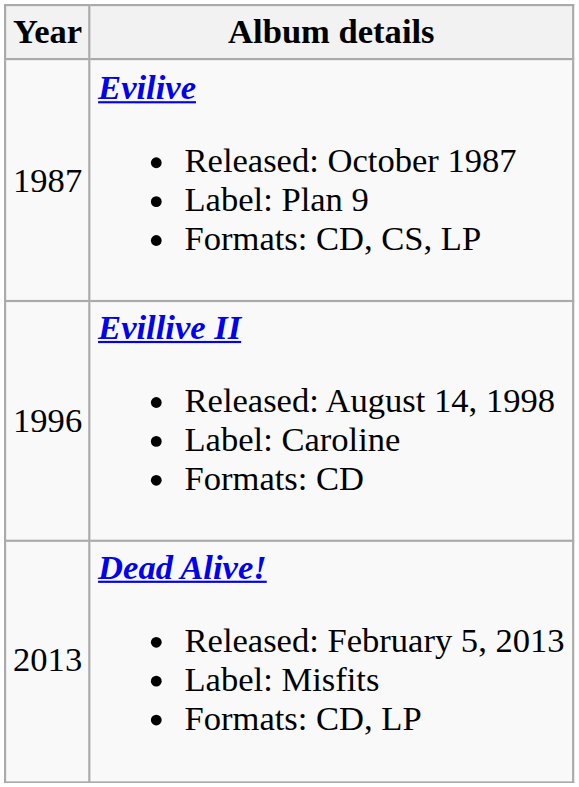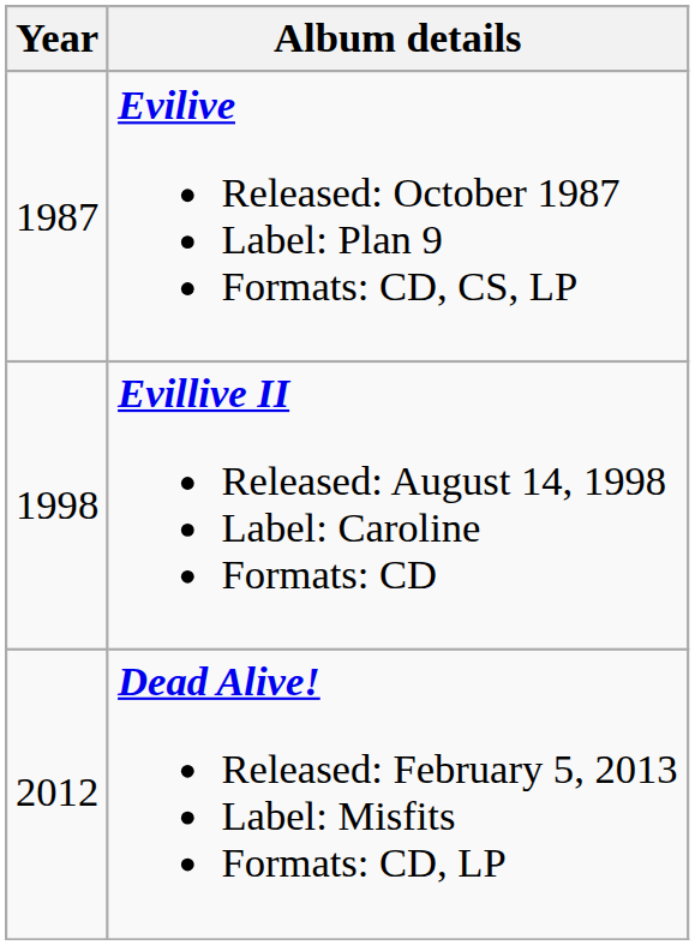 <table class ="wikitable">
 <tr>
 <th>Year</th>
 <th>Album details</th>
 </tr>
 <tr>
 <td>1987</td>
 <td><strong><em><a href='#'>Evilive</a></em></strong><br><ul><li>Released: October 1987</li><li>Label: Plan 9</li><li>Formats: CD, CS, LP</li></ul></td>
 </tr>
 <tr>
-<td>1996</td>
+<td>1998</td>
 <td><strong><em><a href='#'>Evillive II</a></em></strong><br><ul><li>Released: August 14, 1998</li><li>Label: Caroline</li><li>Formats: CD</li></ul></td>
 </tr>
 <tr>
-<td>2013</td>
+<td>2012</td>
 <td><strong><em><a href='#'>Dead Alive!</a></em></strong><br><ul><li>Released: February 5, 2013</li><li>Label: Misfits</li><li>Formats: CD, LP</li></ul></td>
 </tr>
 <tr>
 </tr>
 </table>
